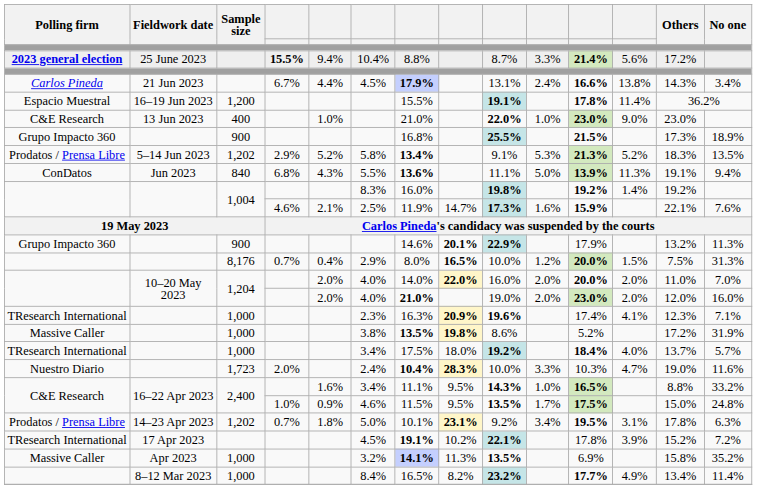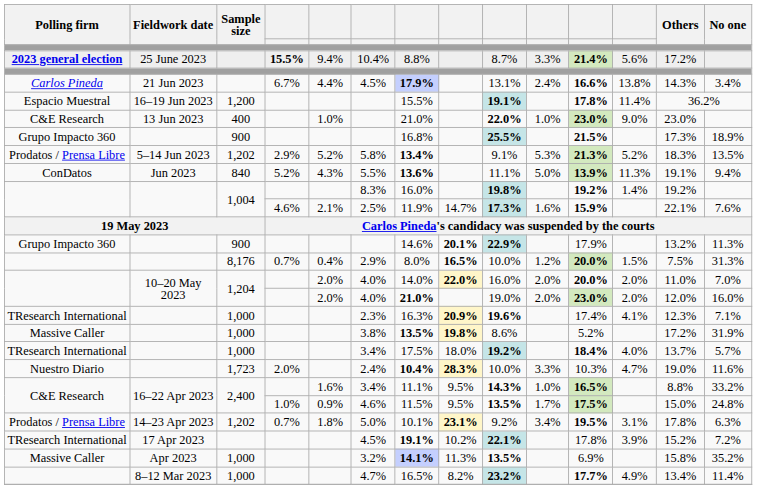 <table class="wikitable" style="text-align:center;font-size:90%;line-height:14px;">
 <tr style="height:40px;">
 <th style="width:150px;" rowspan="2">Polling firm</th>
 <th style="width:100px;" rowspan="2">Fieldwork date</th>
 <th style="width:50px;" rowspan="2">Sample size</th>
 <th class="unsortable" style="width:45px;"></th>
 <th class="unsortable" style="width:45px;"></th>
 <th class="unsortable" style="width:45px;"></th>
 <th class="unsortable" style="width:45px;"></th>
 <th class="unsortable" style="width:45px;"></th>
 <th class="unsortable" style="width:45px;"></th>
 <th class="unsortable" style="width:45px;"></th>
 <th class="unsortable" style="width:45px;"></th>
 <th class="unsortable" style="width:45px;"></th>
 <th style="width:50px;" rowspan="2">Others</th>
 <th style="width:50px;" rowspan="2">No one</th>
 </tr>
 <tr>
 <th style="background:"></th>
 <th style="background:"></th>
 <th style="background:"></th>
 <th style="background:"></th>
 <th style="background:"></th>
 <th style="background:"></th>
 <th style="background:"></th>
 <th style="background:"></th>
 <th style="background:"></th>
 </tr>
 <tr>
 <td colspan="18" style="background:#A0A0A0"></td>
 </tr>
 <tr style="background:#EFEFEF;">
 <td><strong><a href='#'>2023 general election</a></strong></td>
 <td>25 June 2023</td>
 <td></td>
 <td><strong>15.5%</strong></td>
 <td>9.4%</td>
 <td>10.4%</td>
 <td>8.8%</td>
 <td></td>
 <td>8.7%</td>
 <td>3.3%</td>
 <td style="background:#d3e9bf;"><strong>21.4%</strong></td>
 <td>5.6%</td>
 <td>17.2%</td>
 <td></td>
 </tr>
 <tr>
 <td colspan="18" style="background:#A0A0A0"></td>
 </tr>
 <tr>
 <td><em><a href='#'>Carlos Pineda</a></em></td>
 <td>21 Jun 2023</td>
 <td></td>
 <td>6.7%</td>
 <td>4.4%</td>
 <td>4.5%</td>
 <td style="background:#c4cffe;"><strong>17.9%</strong></td>
 <td></td>
 <td>13.1%</td>
 <td>2.4%</td>
 <td><strong>16.6%</strong></td>
 <td>13.8%</td>
 <td>14.3%</td>
 <td>3.4%</td>
 </tr>
 <tr>
 <td>Espacio Muestral</td>
 <td>16–19 Jun 2023</td>
 <td>1,200</td>
 <td></td>
 <td></td>
 <td></td>
 <td>15.5%</td>
 <td></td>
 <td style="background:#c5e5e7;"><strong>19.1%</strong></td>
 <td></td>
 <td><strong>17.8%</strong></td>
 <td>11.4%</td>
 <td colspan="2">36.2%</td>
 </tr>
 <tr>
 <td>C&E Research</td>
 <td>13 Jun 2023</td>
 <td>400</td>
 <td></td>
 <td>1.0%</td>
 <td></td>
 <td>21.0%</td>
 <td></td>
 <td><strong>22.0%</strong></td>
 <td>1.0%</td>
 <td style="background:#d3e9bf;"><strong>23.0%</strong></td>
 <td>9.0%</td>
 <td>23.0%</td>
 <td></td>
 </tr>
 <tr>
 <td>Grupo Impacto 360</td>
 <td></td>
 <td>900</td>
 <td></td>
 <td></td>
 <td></td>
 <td>16.8%</td>
 <td></td>
 <td style="background:#c5e5e7;"><strong>25.5%</strong></td>
 <td></td>
 <td><strong>21.5%</strong></td>
 <td></td>
 <td>17.3%</td>
 <td>18.9%</td>
 </tr>
 <tr>
 <td>Prodatos / <a href='#'>Prensa Libre</a></td>
 <td>5–14 Jun 2023</td>
 <td>1,202</td>
 <td>2.9%</td>
 <td>5.2%</td>
 <td>5.8%</td>
 <td><strong>13.4%</strong></td>
 <td></td>
 <td>9.1%</td>
 <td>5.3%</td>
 <td style="background:#d3e9bf;"><strong>21.3%</strong></td>
 <td>5.2%</td>
 <td>18.3%</td>
 <td>13.5%</td>
 </tr>
 <tr>
 <td>ConDatos</td>
 <td>Jun 2023</td>
 <td>840</td>
-<td>6.8%</td>
+<td>5.2%</td>
 <td>4.3%</td>
 <td>5.5%</td>
 <td><strong>13.6%</strong></td>
 <td></td>
 <td>11.1%</td>
 <td>5.0%</td>
 <td style="background:#d3e9bf;"><strong>13.9%</strong></td>
 <td>11.3%</td>
 <td>19.1%</td>
 <td>9.4%</td>
 </tr>
 <tr>
 <td rowspan="2"></td>
 <td rowspan="2"></td>
 <td rowspan="2">1,004</td>
 <td></td>
 <td></td>
 <td>8.3%</td>
 <td>16.0%</td>
 <td></td>
 <td style="background:#c5e5e7;"><strong>19.8%</strong></td>
 <td></td>
 <td><strong>19.2%</strong></td>
 <td>1.4%</td>
 <td>19.2%</td>
 <td></td>
 </tr>
 <tr>
 <td>4.6%</td>
 <td>2.1%</td>
 <td>2.5%</td>
 <td>11.9%</td>
 <td>14.7%</td>
 <td style="background:#c5e5e7;"><strong>17.3%</strong></td>
 <td>1.6%</td>
 <td><strong>15.9%</strong></td>
 <td></td>
 <td>22.1%</td>
 <td>7.6%</td>
 </tr>
 <tr>
 <th colspan="3">19 May 2023</th>
 <th colspan="12"><a href='#'>Carlos Pineda</a>'s candidacy was suspended by the courts</th>
 </tr>
 <tr>
 <td>Grupo Impacto 360</td>
 <td></td>
 <td>900</td>
 <td></td>
 <td></td>
 <td></td>
 <td>14.6%</td>
 <td><strong>20.1%</strong></td>
 <td style="background:#c5e5e7;"><strong>22.9%</strong></td>
 <td></td>
 <td>17.9%</td>
 <td></td>
 <td>13.2%</td>
 <td>11.3%</td>
 </tr>
 <tr>
 <td></td>
 <td></td>
 <td>8,176</td>
 <td>0.7%</td>
 <td>0.4%</td>
 <td>2.9%</td>
 <td>8.0%</td>
 <td><strong>16.5%</strong></td>
 <td>10.0%</td>
 <td>1.2%</td>
 <td style="background:#d3e9bf;"><strong>20.0%</strong></td>
 <td>1.5%</td>
 <td>7.5%</td>
 <td>31.3%</td>
 </tr>
 <tr>
 <td rowspan="2"></td>
 <td rowspan="2">10–20 May 2023</td>
 <td rowspan="2">1,204</td>
 <td></td>
 <td>2.0%</td>
 <td>4.0%</td>
 <td>14.0%</td>
 <td style="background:#fff6c9;"><strong>22.0%</strong></td>
 <td>16.0%</td>
 <td>2.0%</td>
 <td><strong>20.0%</strong></td>
 <td>2.0%</td>
 <td>11.0%</td>
 <td>7.0%</td>
 </tr>
 <tr>
 <td></td>
 <td>2.0%</td>
 <td>4.0%</td>
 <td><strong>21.0%</strong></td>
 <td></td>
 <td>19.0%</td>
 <td>2.0%</td>
 <td style="background:#d3e9bf;"><strong>23.0%</strong></td>
 <td>2.0%</td>
 <td>12.0%</td>
 <td>16.0%</td>
 </tr>
 <tr>
 <td>TResearch International</td>
 <td></td>
 <td>1,000</td>
 <td></td>
 <td></td>
 <td>2.3%</td>
 <td>16.3%</td>
 <td style="background:#fff6c9;"><strong>20.9%</strong></td>
 <td><strong>19.6%</strong></td>
 <td></td>
 <td>17.4%</td>
 <td>4.1%</td>
 <td>12.3%</td>
 <td>7.1%</td>
 </tr>
 <tr>
 <td>Massive Caller</td>
 <td></td>
 <td>1,000</td>
 <td></td>
 <td></td>
 <td>3.8%</td>
 <td><strong>13.5%</strong></td>
 <td style="background:#fff6c9;"><strong>19.8%</strong></td>
 <td>8.6%</td>
 <td></td>
 <td>5.2%</td>
 <td></td>
 <td>17.2%</td>
 <td>31.9%</td>
 </tr>
 <tr>
 <td>TResearch International</td>
 <td></td>
 <td>1,000</td>
 <td></td>
 <td></td>
 <td>3.4%</td>
 <td>17.5%</td>
 <td>18.0%</td>
 <td style="background:#c5e5e7;"><strong>19.2%</strong></td>
 <td></td>
 <td><strong>18.4%</strong></td>
 <td>4.0%</td>
 <td>13.7%</td>
 <td>5.7%</td>
 </tr>
 <tr>
 <td>Nuestro Diario</td>
 <td></td>
 <td>1,723</td>
 <td>2.0%</td>
 <td></td>
 <td>2.4%</td>
 <td><strong>10.4%</strong></td>
 <td style="background:#fff6c9;"><strong>28.3%</strong></td>
 <td>10.0%</td>
 <td>3.3%</td>
 <td>10.3%</td>
 <td>4.7%</td>
 <td>19.0%</td>
 <td>11.6%</td>
 </tr>
 <tr>
 <td rowspan="2">C&E Research</td>
 <td rowspan="2">16–22 Apr 2023</td>
 <td rowspan="2">2,400</td>
 <td></td>
 <td>1.6%</td>
 <td>3.4%</td>
 <td>11.1%</td>
 <td>9.5%</td>
 <td><strong>14.3%</strong></td>
 <td>1.0%</td>
 <td style="background:#d3e9bf;"><strong>16.5%</strong></td>
 <td></td>
 <td>8.8%</td>
 <td>33.2%</td>
 </tr>
 <tr>
 <td>1.0%</td>
 <td>0.9%</td>
 <td>4.6%</td>
 <td>11.5%</td>
 <td>9.5%</td>
 <td><strong>13.5%</strong></td>
 <td>1.7%</td>
 <td style="background:#d3e9bf;"><strong>17.5%</strong></td>
 <td></td>
 <td>15.0%</td>
 <td>24.8%</td>
 </tr>
 <tr>
 <td>Prodatos / <a href='#'>Prensa Libre</a></td>
 <td>14–23 Apr 2023</td>
 <td>1,202</td>
 <td>0.7%</td>
 <td>1.8%</td>
 <td>5.0%</td>
 <td>10.1%</td>
 <td style="background:#fff6c9;"><strong>23.1%</strong></td>
 <td>9.2%</td>
 <td>3.4%</td>
 <td><strong>19.5%</strong></td>
 <td>3.1%</td>
 <td>17.8%</td>
 <td>6.3%</td>
 </tr>
 <tr>
 <td>TResearch International</td>
 <td>17 Apr 2023</td>
 <td></td>
 <td></td>
 <td></td>
 <td>4.5%</td>
 <td><strong>19.1%</strong></td>
 <td>10.2%</td>
 <td style="background:#c5e5e7;"><strong>22.1%</strong></td>
 <td></td>
 <td>17.8%</td>
 <td>3.9%</td>
 <td>15.2%</td>
 <td>7.2%</td>
 </tr>
 <tr>
 <td>Massive Caller</td>
 <td>Apr 2023</td>
 <td>1,000</td>
 <td></td>
 <td></td>
 <td>3.2%</td>
 <td style="background:#c4cffe;"><strong>14.1%</strong></td>
 <td>11.3%</td>
 <td><strong>13.5%</strong></td>
 <td></td>
 <td>6.9%</td>
 <td></td>
 <td>15.8%</td>
 <td>35.2%</td>
 </tr>
 <tr>
 <td></td>
 <td>8–12 Mar 2023</td>
 <td>1,000</td>
 <td></td>
 <td></td>
-<td>8.4%</td>
+<td>4.7%</td>
 <td>16.5%</td>
 <td>8.2%</td>
 <td style="background:#c5e5e7;"><strong>23.2%</strong></td>
 <td></td>
 <td><strong>17.7%</strong></td>
 <td>4.9%</td>
 <td>13.4%</td>
 <td>11.4%</td>
 </tr>
 <tr>
 </tr>
 </table>
